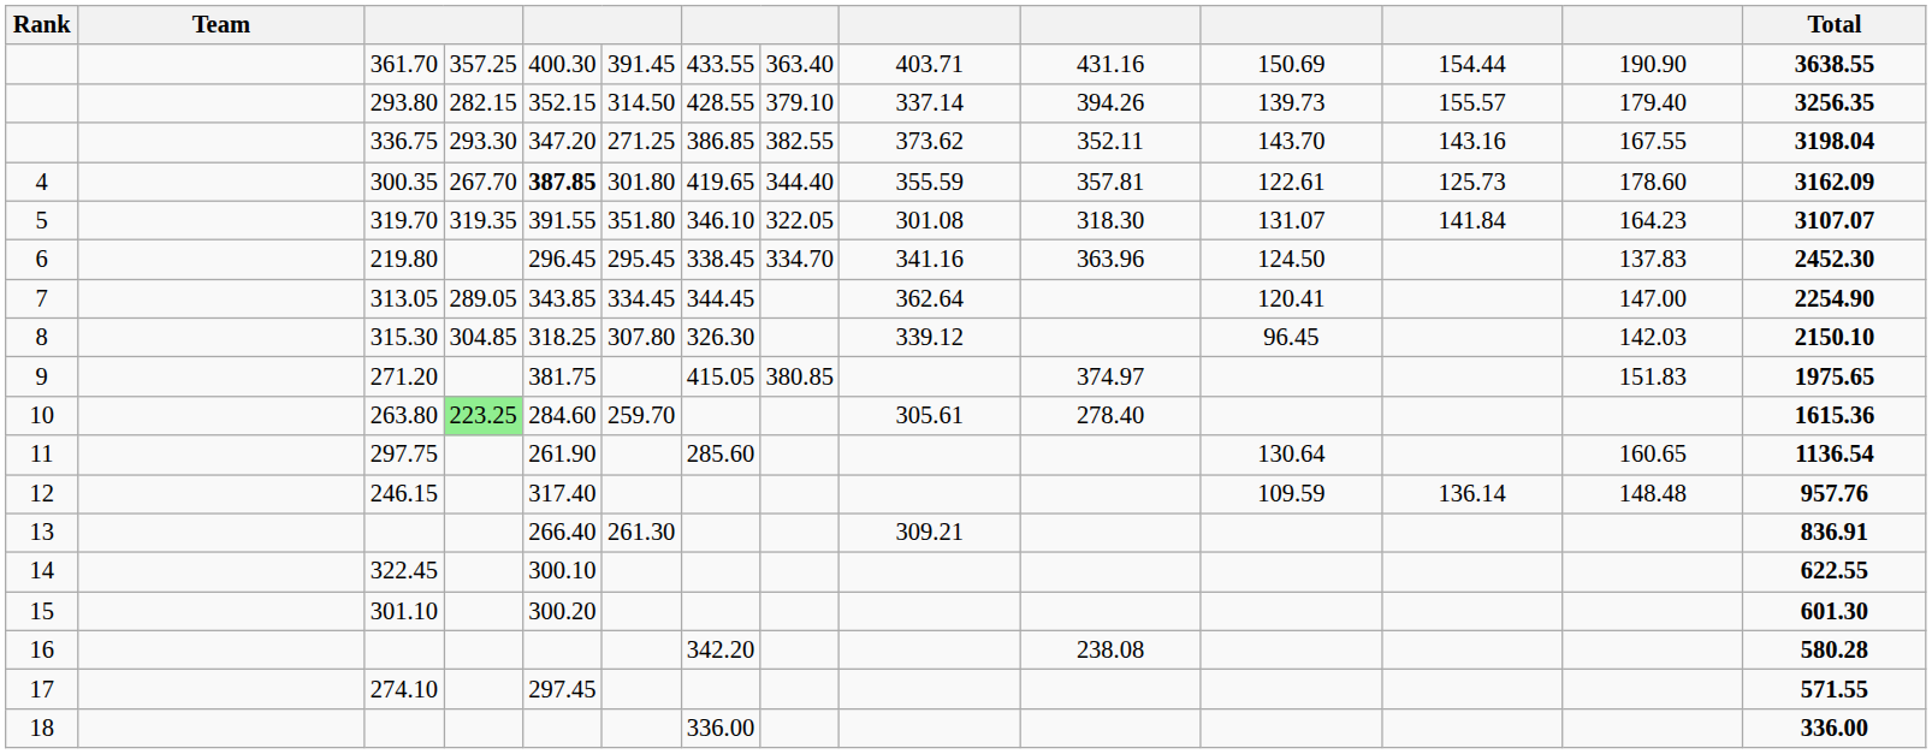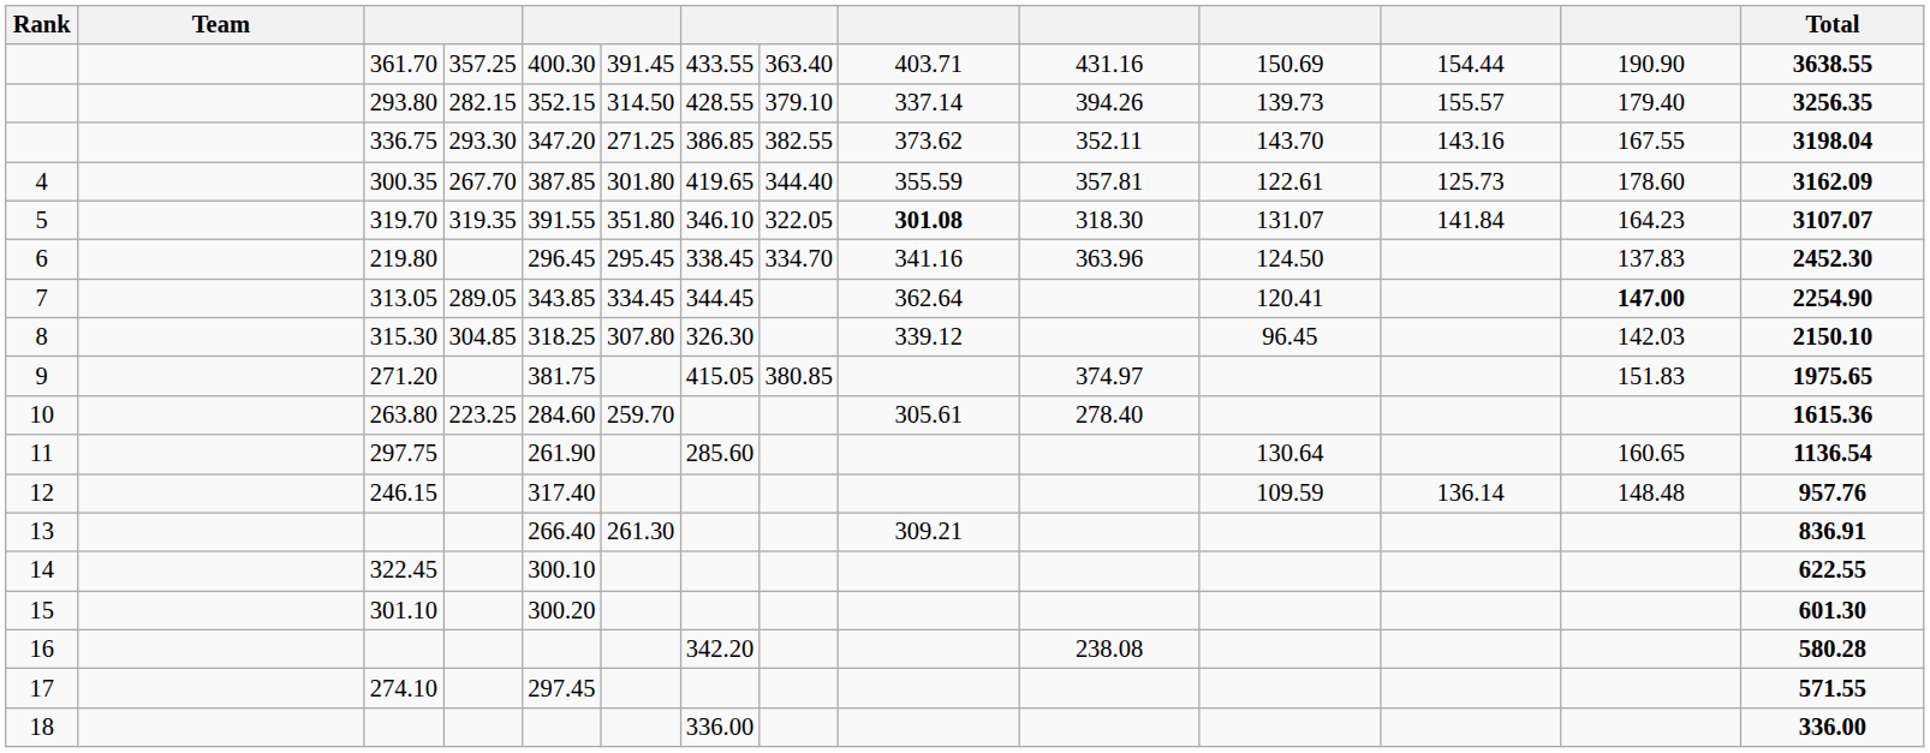 <table class="wikitable" style="text-align:center">
 <tr>
 <th width="40">Rank</th>
 <th width="200">Team</th>
 <th colspan="2" width="120"></th>
 <th colspan="2" width="120"></th>
 <th colspan="2" width="120"></th>
 <th width="120"></th>
 <th width="120"></th>
 <th width="120"></th>
 <th width="120"></th>
 <th width="120"></th>
 <th width="120">Total</th>
 </tr>
 <tr>
 <td></td>
 <td align="left"></td>
 <td>361.70</td>
 <td>357.25</td>
 <td>400.30</td>
 <td>391.45</td>
 <td>433.55</td>
 <td>363.40</td>
 <td>403.71</td>
 <td>431.16</td>
 <td>150.69</td>
 <td>154.44</td>
 <td>190.90</td>
 <td><strong>3638.55</strong></td>
 </tr>
 <tr>
 <td></td>
 <td align="left"></td>
 <td>293.80</td>
 <td>282.15</td>
 <td>352.15</td>
 <td>314.50</td>
 <td>428.55</td>
 <td>379.10</td>
 <td>337.14</td>
 <td>394.26</td>
 <td>139.73</td>
 <td>155.57</td>
 <td>179.40</td>
 <td><strong>3256.35</strong></td>
 </tr>
 <tr>
 <td></td>
 <td align="left"></td>
 <td>336.75</td>
 <td>293.30</td>
 <td>347.20</td>
 <td>271.25</td>
 <td>386.85</td>
 <td>382.55</td>
 <td>373.62</td>
 <td>352.11</td>
 <td>143.70</td>
 <td>143.16</td>
 <td>167.55</td>
 <td><strong>3198.04</strong></td>
 </tr>
 <tr>
 <td>4</td>
 <td align="left"></td>
 <td>300.35</td>
 <td>267.70</td>
-<td><strong>387.85</strong></td>
+<td>387.85</td>
 <td>301.80</td>
 <td>419.65</td>
 <td>344.40</td>
 <td>355.59</td>
 <td>357.81</td>
 <td>122.61</td>
 <td>125.73</td>
 <td>178.60</td>
 <td><strong>3162.09</strong></td>
 </tr>
 <tr>
 <td>5</td>
 <td align="left"></td>
 <td>319.70</td>
 <td>319.35</td>
 <td>391.55</td>
 <td>351.80</td>
 <td>346.10</td>
 <td>322.05</td>
-<td>301.08</td>
+<td><strong>301.08</strong></td>
 <td>318.30</td>
 <td>131.07</td>
 <td>141.84</td>
 <td>164.23</td>
 <td><strong>3107.07</strong></td>
 </tr>
 <tr>
 <td>6</td>
 <td align="left"></td>
 <td>219.80</td>
 <td></td>
 <td>296.45</td>
 <td>295.45</td>
 <td>338.45</td>
 <td>334.70</td>
 <td>341.16</td>
 <td>363.96</td>
 <td>124.50</td>
 <td></td>
 <td>137.83</td>
 <td><strong>2452.30</strong></td>
 </tr>
 <tr>
 <td>7</td>
 <td align="left"></td>
 <td>313.05</td>
 <td>289.05</td>
 <td>343.85</td>
 <td>334.45</td>
 <td>344.45</td>
 <td></td>
 <td>362.64</td>
 <td></td>
 <td>120.41</td>
 <td></td>
-<td>147.00</td>
+<td><strong>147.00</strong></td>
 <td><strong>2254.90</strong></td>
 </tr>
 <tr>
 <td>8</td>
 <td align="left"></td>
 <td>315.30</td>
 <td>304.85</td>
 <td>318.25</td>
 <td>307.80</td>
 <td>326.30</td>
 <td></td>
 <td>339.12</td>
 <td></td>
 <td>96.45</td>
 <td></td>
 <td>142.03</td>
 <td><strong>2150.10</strong></td>
 </tr>
 <tr>
 <td>9</td>
 <td align="left"></td>
 <td>271.20</td>
 <td></td>
 <td>381.75</td>
 <td></td>
 <td>415.05</td>
 <td>380.85</td>
 <td></td>
 <td>374.97</td>
 <td></td>
 <td></td>
 <td>151.83</td>
 <td><strong>1975.65</strong></td>
 </tr>
 <tr>
 <td>10</td>
 <td align="left"></td>
 <td>263.80</td>
-<td style="background: lightgreen;">223.25</td>
+<td>223.25</td>
 <td>284.60</td>
 <td>259.70</td>
 <td></td>
 <td></td>
 <td>305.61</td>
 <td>278.40</td>
 <td></td>
 <td></td>
 <td></td>
 <td><strong>1615.36</strong></td>
 </tr>
 <tr>
 <td>11</td>
 <td align="left"></td>
 <td>297.75</td>
 <td></td>
 <td>261.90</td>
 <td></td>
 <td>285.60</td>
 <td></td>
 <td></td>
 <td></td>
 <td>130.64</td>
 <td></td>
 <td>160.65</td>
 <td><strong>1136.54</strong></td>
 </tr>
 <tr>
 <td>12</td>
 <td align="left"></td>
 <td>246.15</td>
 <td></td>
 <td>317.40</td>
 <td></td>
 <td></td>
 <td></td>
 <td></td>
 <td></td>
 <td>109.59</td>
 <td>136.14</td>
 <td>148.48</td>
 <td><strong>957.76</strong></td>
 </tr>
 <tr>
 <td>13</td>
 <td align="left"></td>
 <td></td>
 <td></td>
 <td>266.40</td>
 <td>261.30</td>
 <td></td>
 <td></td>
 <td>309.21</td>
 <td></td>
 <td></td>
 <td></td>
 <td></td>
 <td><strong>836.91</strong></td>
 </tr>
 <tr>
 <td>14</td>
 <td align="left"></td>
 <td>322.45</td>
 <td></td>
 <td>300.10</td>
 <td></td>
 <td></td>
 <td></td>
 <td></td>
 <td></td>
 <td></td>
 <td></td>
 <td></td>
 <td><strong>622.55</strong></td>
 </tr>
 <tr>
 <td>15</td>
 <td align="left"></td>
 <td>301.10</td>
 <td></td>
 <td>300.20</td>
 <td></td>
 <td></td>
 <td></td>
 <td></td>
 <td></td>
 <td></td>
 <td></td>
 <td></td>
 <td><strong>601.30</strong></td>
 </tr>
 <tr>
 <td>16</td>
 <td align="left"></td>
 <td></td>
 <td></td>
 <td></td>
 <td></td>
 <td>342.20</td>
 <td></td>
 <td></td>
 <td>238.08</td>
 <td></td>
 <td></td>
 <td></td>
 <td><strong>580.28</strong></td>
 </tr>
 <tr>
 <td>17</td>
 <td align="left"></td>
 <td>274.10</td>
 <td></td>
 <td>297.45</td>
 <td></td>
 <td></td>
 <td></td>
 <td></td>
 <td></td>
 <td></td>
 <td></td>
 <td></td>
 <td><strong>571.55</strong></td>
 </tr>
 <tr>
 <td>18</td>
 <td align="left"></td>
 <td></td>
 <td></td>
 <td></td>
 <td></td>
 <td>336.00</td>
 <td></td>
 <td></td>
 <td></td>
 <td></td>
 <td></td>
 <td></td>
 <td><strong>336.00</strong></td>
 </tr>
 </table>
